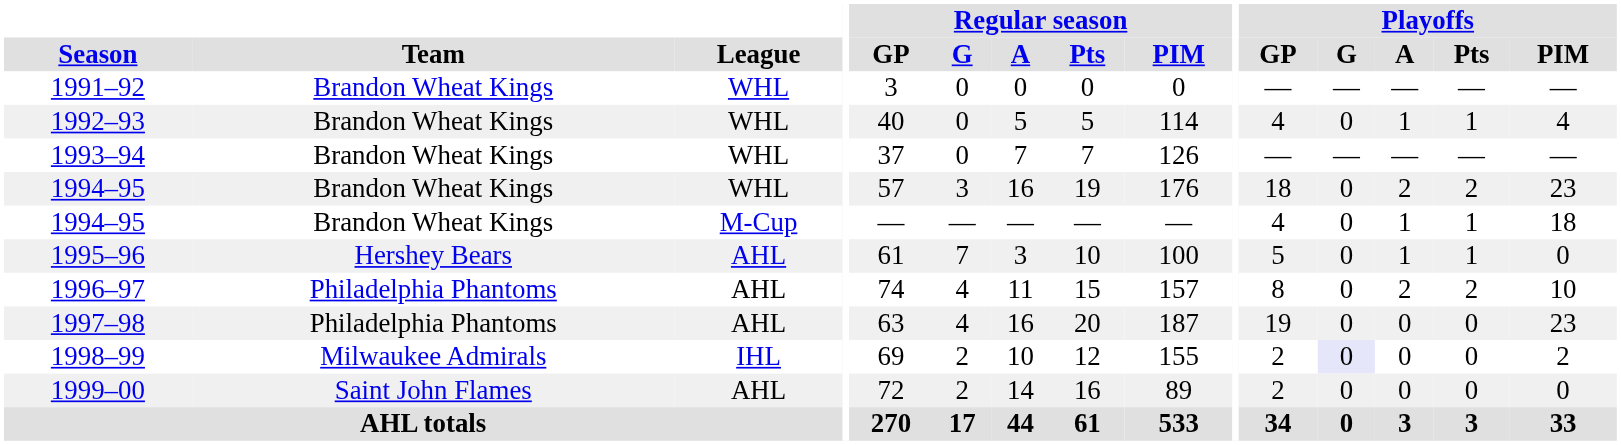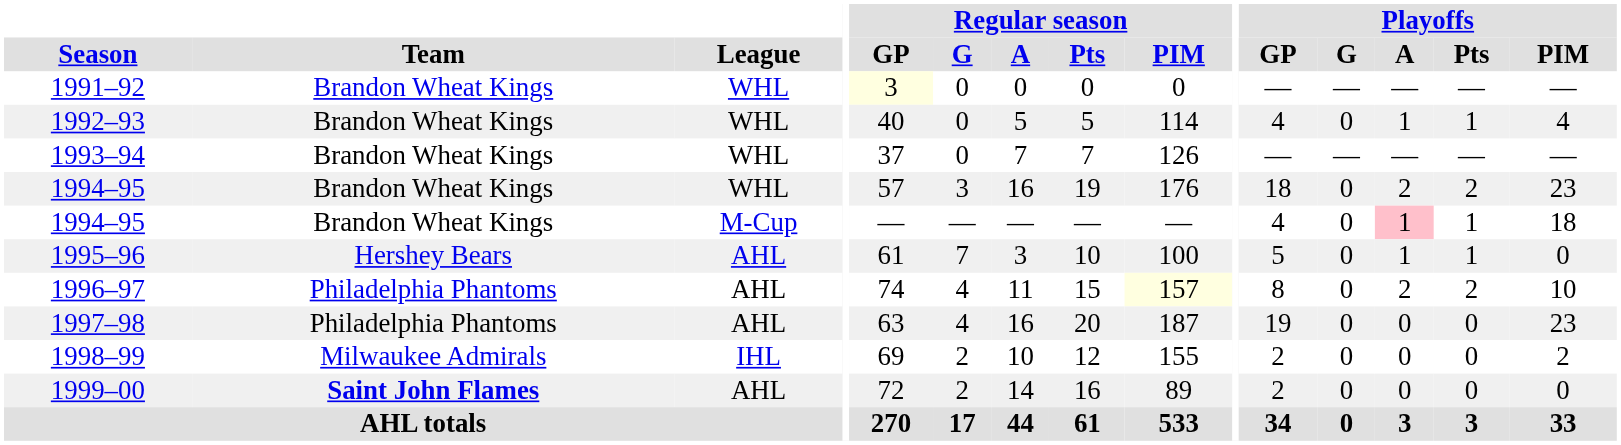 <table border="0" cellpadding="1" cellspacing="0" style="text-align:center; width:60em">
 <tr bgcolor="#e0e0e0">
 <th colspan="3" bgcolor="#ffffff"></th>
 <th rowspan="101" bgcolor="#ffffff"></th>
 <th colspan="5"><a href='#'>Regular season</a></th>
 <th rowspan="101" bgcolor="#ffffff"></th>
 <th colspan="5"><a href='#'>Playoffs</a></th>
 </tr>
 <tr bgcolor="#e0e0e0">
 <th><a href='#'>Season</a></th>
 <th>Team</th>
 <th>League</th>
 <th>GP</th>
 <th><a href='#'>G</a></th>
 <th><a href='#'>A</a></th>
 <th><a href='#'>Pts</a></th>
 <th><a href='#'>PIM</a></th>
 <th>GP</th>
 <th>G</th>
 <th>A</th>
 <th>Pts</th>
 <th>PIM</th>
 </tr>
 <tr>
 <td><a href='#'>1991–92</a></td>
 <td><a href='#'>Brandon Wheat Kings</a></td>
 <td><a href='#'>WHL</a></td>
-<td>3</td>
+<td style="background: lightyellow;">3</td>
 <td>0</td>
 <td>0</td>
 <td>0</td>
 <td>0</td>
 <td>—</td>
 <td>—</td>
 <td>—</td>
 <td>—</td>
 <td>—</td>
 </tr>
 <tr bgcolor="#f0f0f0">
 <td><a href='#'>1992–93</a></td>
 <td>Brandon Wheat Kings</td>
 <td>WHL</td>
 <td>40</td>
 <td>0</td>
 <td>5</td>
 <td>5</td>
 <td>114</td>
 <td>4</td>
 <td>0</td>
 <td>1</td>
 <td>1</td>
 <td>4</td>
 </tr>
 <tr>
 <td><a href='#'>1993–94</a></td>
 <td>Brandon Wheat Kings</td>
 <td>WHL</td>
 <td>37</td>
 <td>0</td>
 <td>7</td>
 <td>7</td>
 <td>126</td>
 <td>—</td>
 <td>—</td>
 <td>—</td>
 <td>—</td>
 <td>—</td>
 </tr>
 <tr bgcolor="#f0f0f0">
 <td><a href='#'>1994–95</a></td>
 <td>Brandon Wheat Kings</td>
 <td>WHL</td>
 <td>57</td>
 <td>3</td>
 <td>16</td>
 <td>19</td>
 <td>176</td>
 <td>18</td>
 <td>0</td>
 <td>2</td>
 <td>2</td>
 <td>23</td>
 </tr>
 <tr>
 <td><a href='#'>1994–95</a></td>
 <td>Brandon Wheat Kings</td>
 <td><a href='#'>M-Cup</a></td>
 <td>—</td>
 <td>—</td>
 <td>—</td>
 <td>—</td>
 <td>—</td>
 <td>4</td>
 <td>0</td>
-<td>1</td>
+<td style="background: pink;">1</td>
 <td>1</td>
 <td>18</td>
 </tr>
 <tr bgcolor="#f0f0f0">
 <td><a href='#'>1995–96</a></td>
 <td><a href='#'>Hershey Bears</a></td>
 <td><a href='#'>AHL</a></td>
 <td>61</td>
 <td>7</td>
 <td>3</td>
 <td>10</td>
 <td>100</td>
 <td>5</td>
 <td>0</td>
 <td>1</td>
 <td>1</td>
 <td>0</td>
 </tr>
 <tr>
 <td><a href='#'>1996–97</a></td>
 <td><a href='#'>Philadelphia Phantoms</a></td>
 <td>AHL</td>
 <td>74</td>
 <td>4</td>
 <td>11</td>
 <td>15</td>
-<td>157</td>
+<td style="background: lightyellow;">157</td>
 <td>8</td>
 <td>0</td>
 <td>2</td>
 <td>2</td>
 <td>10</td>
 </tr>
 <tr bgcolor="#f0f0f0">
 <td><a href='#'>1997–98</a></td>
 <td>Philadelphia Phantoms</td>
 <td>AHL</td>
 <td>63</td>
 <td>4</td>
 <td>16</td>
 <td>20</td>
 <td>187</td>
 <td>19</td>
 <td>0</td>
 <td>0</td>
 <td>0</td>
 <td>23</td>
 </tr>
 <tr>
 <td><a href='#'>1998–99</a></td>
 <td><a href='#'>Milwaukee Admirals</a></td>
 <td><a href='#'>IHL</a></td>
 <td>69</td>
 <td>2</td>
 <td>10</td>
 <td>12</td>
 <td>155</td>
 <td>2</td>
-<td style="background: lavender;">0</td>
+<td>0</td>
 <td>0</td>
 <td>0</td>
 <td>2</td>
 </tr>
 <tr bgcolor="#f0f0f0">
 <td><a href='#'>1999–00</a></td>
-<td><a href='#'>Saint John Flames</a></td>
+<td><strong><a href='#'>Saint John Flames</a></strong></td>
 <td>AHL</td>
 <td>72</td>
 <td>2</td>
 <td>14</td>
 <td>16</td>
 <td>89</td>
 <td>2</td>
 <td>0</td>
 <td>0</td>
 <td>0</td>
 <td>0</td>
 </tr>
 <tr bgcolor="#e0e0e0">
 <th colspan="3">AHL totals</th>
 <th>270</th>
 <th>17</th>
 <th>44</th>
 <th>61</th>
 <th>533</th>
 <th>34</th>
 <th>0</th>
 <th>3</th>
 <th>3</th>
 <th>33</th>
 </tr>
 </table>
